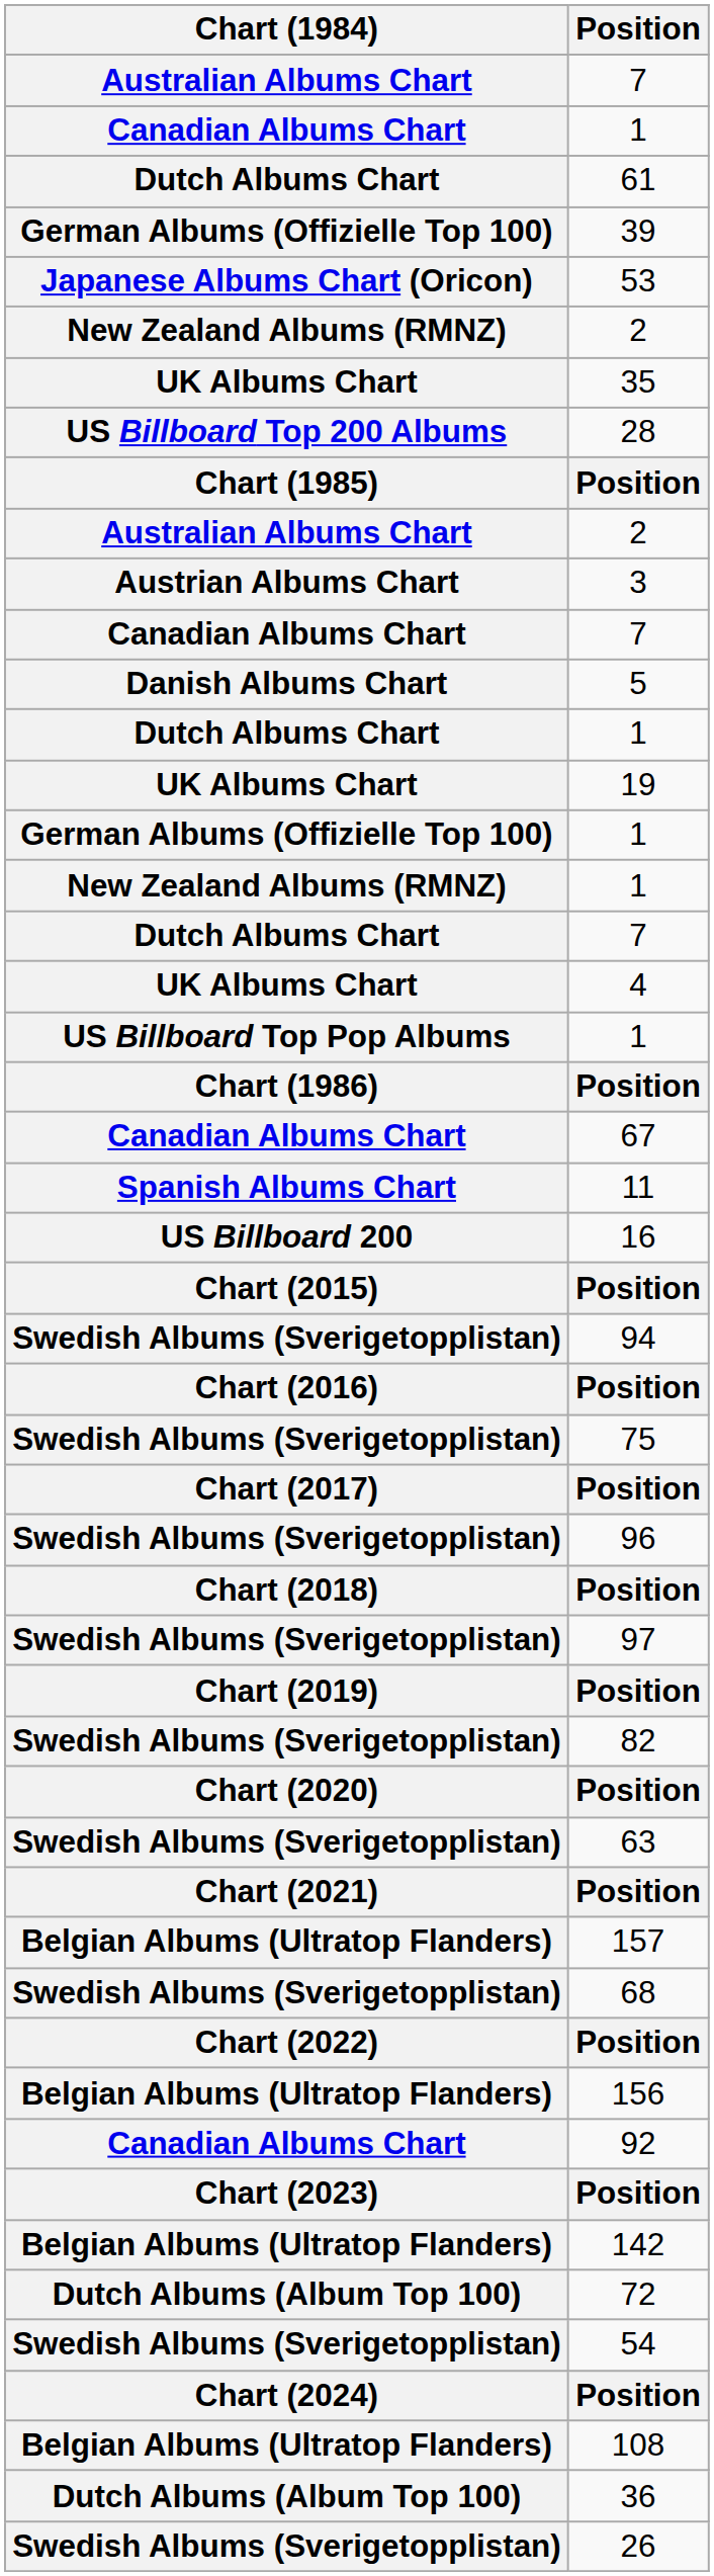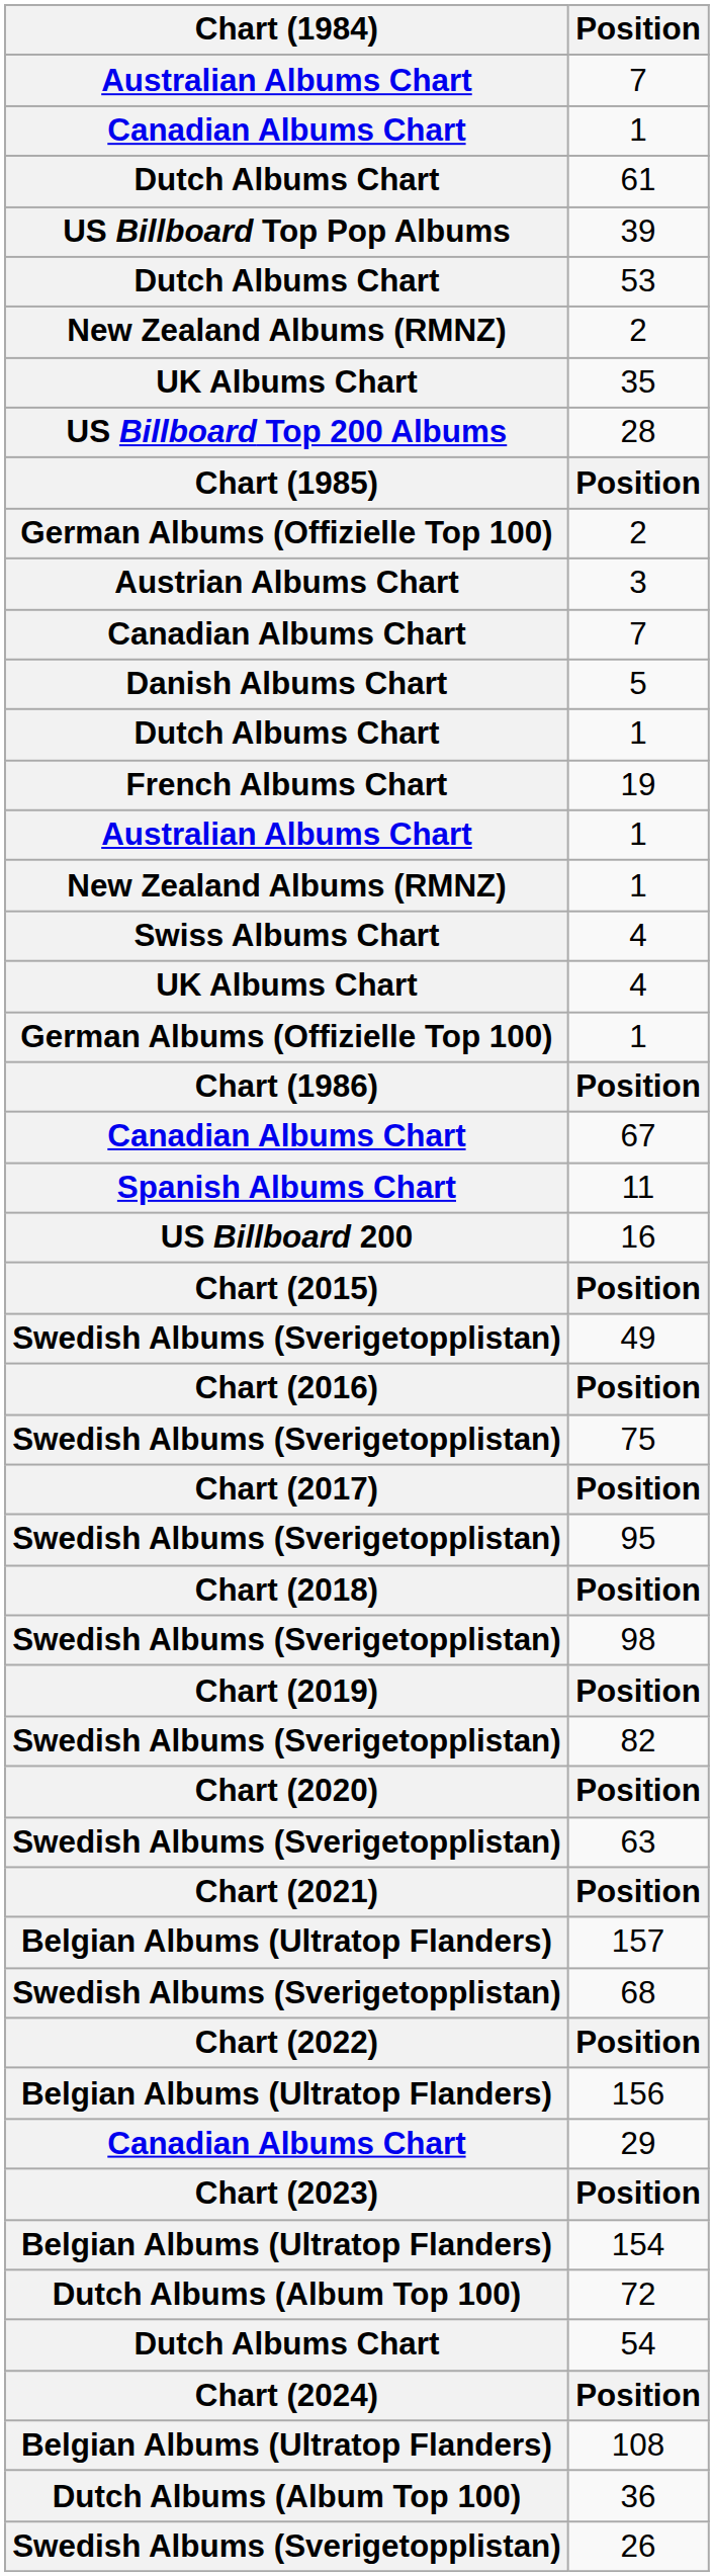 <table class="wikitable plainrowheaders" style="text-align:center;">
 <tr>
 <th scope="col">Chart (1984)</th>
 <th scope="col">Position</th>
 </tr>
 <tr>
 <th scope="row"><a href='#'>Australian Albums Chart</a></th>
 <td>7</td>
 </tr>
 <tr>
 <th scope="row"><a href='#'>Canadian Albums Chart</a></th>
 <td>1</td>
 </tr>
 <tr>
 <th scope="row">Dutch Albums Chart</th>
 <td>61</td>
 </tr>
 <tr>
-<th scope="row">German Albums (Offizielle Top 100)</th>
+<th scope="row">US <em>Billboard</em> Top Pop Albums</th>
 <td>39</td>
 </tr>
 <tr>
-<th scope="row"><a href='#'>Japanese Albums Chart</a> (Oricon)</th>
+<th scope="row">Dutch Albums Chart</th>
 <td>53</td>
 </tr>
 <tr>
 <th scope="row">New Zealand Albums (RMNZ)</th>
 <td>2</td>
 </tr>
 <tr>
 <th scope="row">UK Albums Chart</th>
 <td>35</td>
 </tr>
 <tr>
 <th scope="row">US <a href='#'><em>Billboard</em> Top 200 Albums</a></th>
 <td>28</td>
 </tr>
 <tr>
 <th scope="col">Chart (1985)</th>
 <th scope="col">Position</th>
 </tr>
 <tr>
-<th scope="row"><a href='#'>Australian Albums Chart</a></th>
+<th scope="row">German Albums (Offizielle Top 100)</th>
 <td>2</td>
 </tr>
 <tr>
 <th scope="row">Austrian Albums Chart</th>
 <td>3</td>
 </tr>
 <tr>
 <th scope="row">Canadian Albums Chart</th>
 <td>7</td>
 </tr>
 <tr>
 <th scope="row">Danish Albums Chart</th>
 <td>5</td>
 </tr>
 <tr>
 <th scope="row">Dutch Albums Chart</th>
 <td>1</td>
 </tr>
 <tr>
-<th scope="row">UK Albums Chart</th>
+<th scope="row">French Albums Chart</th>
 <td>19</td>
 </tr>
 <tr>
-<th scope="row">German Albums (Offizielle Top 100)</th>
+<th scope="row"><a href='#'>Australian Albums Chart</a></th>
 <td>1</td>
 </tr>
 <tr>
 <th scope="row">New Zealand Albums (RMNZ)</th>
 <td>1</td>
 </tr>
 <tr>
-<th scope="row">Dutch Albums Chart</th>
-<td>7</td>
+<th scope="row">Swiss Albums Chart</th>
+<td>4</td>
 </tr>
 <tr>
 <th scope="row">UK Albums Chart</th>
 <td>4</td>
 </tr>
 <tr>
-<th scope="row">US <em>Billboard</em> Top Pop Albums</th>
+<th scope="row">German Albums (Offizielle Top 100)</th>
 <td>1</td>
 </tr>
 <tr>
 <th scope="col">Chart (1986)</th>
 <th scope="col">Position</th>
 </tr>
 <tr>
 <th scope="row"><a href='#'>Canadian Albums Chart</a></th>
 <td>67</td>
 </tr>
 <tr>
 <th scope="row"><a href='#'>Spanish Albums Chart</a></th>
 <td>11</td>
 </tr>
 <tr>
 <th scope="row">US <em>Billboard</em> 200</th>
 <td>16</td>
 </tr>
 <tr>
 <th scope="col">Chart (2015)</th>
 <th scope="col">Position</th>
 </tr>
 <tr>
 <th scope="row">Swedish Albums (Sverigetopplistan)</th>
-<td>94</td>
+<td>49</td>
 </tr>
 <tr>
 <th scope="col">Chart (2016)</th>
 <th scope="col">Position</th>
 </tr>
 <tr>
 <th scope="row">Swedish Albums (Sverigetopplistan)</th>
 <td>75</td>
 </tr>
 <tr>
 <th scope="col">Chart (2017)</th>
 <th scope="col">Position</th>
 </tr>
 <tr>
 <th scope="row">Swedish Albums (Sverigetopplistan)</th>
-<td>96</td>
+<td>95</td>
 </tr>
 <tr>
 <th scope="col">Chart (2018)</th>
 <th scope="col">Position</th>
 </tr>
 <tr>
 <th scope="row">Swedish Albums (Sverigetopplistan)</th>
-<td>97</td>
+<td>98</td>
 </tr>
 <tr>
 <th scope="col">Chart (2019)</th>
 <th scope="col">Position</th>
 </tr>
 <tr>
 <th scope="row">Swedish Albums (Sverigetopplistan)</th>
 <td>82</td>
 </tr>
 <tr>
 <th scope="col">Chart (2020)</th>
 <th scope="col">Position</th>
 </tr>
 <tr>
 <th scope="row">Swedish Albums (Sverigetopplistan)</th>
 <td>63</td>
 </tr>
 <tr>
 <th scope="col">Chart (2021)</th>
 <th scope="col">Position</th>
 </tr>
 <tr>
 <th scope="row">Belgian Albums (Ultratop Flanders)</th>
 <td>157</td>
 </tr>
 <tr>
 <th scope="row">Swedish Albums (Sverigetopplistan)</th>
 <td>68</td>
 </tr>
 <tr>
 <th scope="col">Chart (2022)</th>
 <th scope="col">Position</th>
 </tr>
 <tr>
 <th scope="row">Belgian Albums (Ultratop Flanders)</th>
 <td>156</td>
 </tr>
 <tr>
 <th scope="row"><a href='#'>Canadian Albums Chart</a></th>
-<td>92</td>
+<td>29</td>
 </tr>
 <tr>
 <th scope="col">Chart (2023)</th>
 <th scope="col">Position</th>
 </tr>
 <tr>
 <th scope="row">Belgian Albums (Ultratop Flanders)</th>
-<td>142</td>
+<td>154</td>
 </tr>
 <tr>
 <th scope="row">Dutch Albums (Album Top 100)</th>
 <td>72</td>
 </tr>
 <tr>
-<th scope="row">Swedish Albums (Sverigetopplistan)</th>
+<th scope="row">Dutch Albums Chart</th>
 <td>54</td>
 </tr>
 <tr>
 <th scope="col">Chart (2024)</th>
 <th scope="col">Position</th>
 </tr>
 <tr>
 <th scope="row">Belgian Albums (Ultratop Flanders)</th>
 <td>108</td>
 </tr>
 <tr>
 <th scope="row">Dutch Albums (Album Top 100)</th>
 <td>36</td>
 </tr>
 <tr>
 <th scope="row">Swedish Albums (Sverigetopplistan)</th>
 <td>26</td>
 </tr>
 </table>
